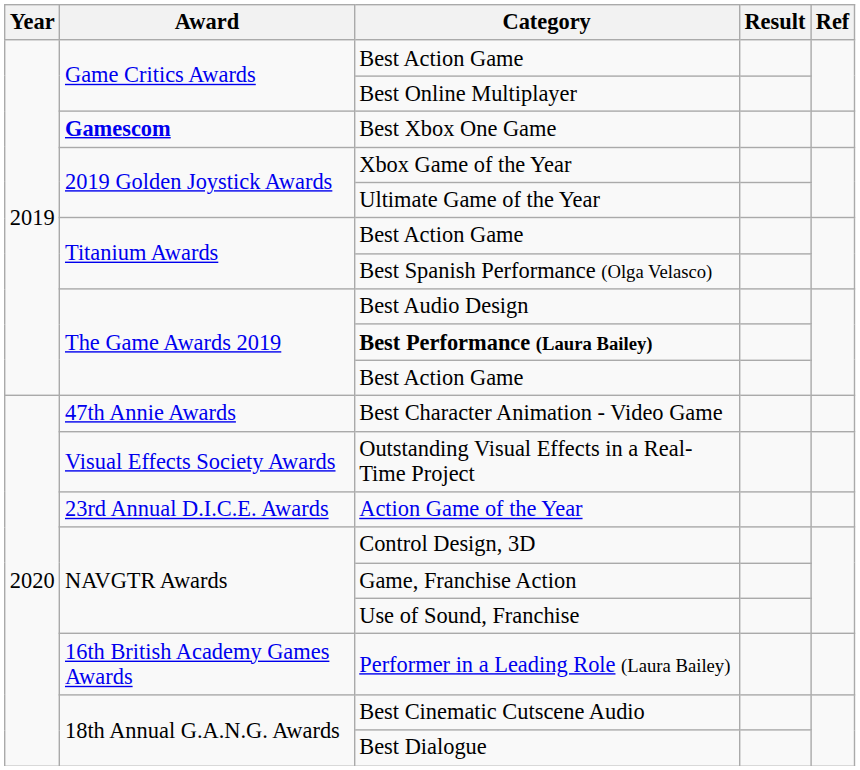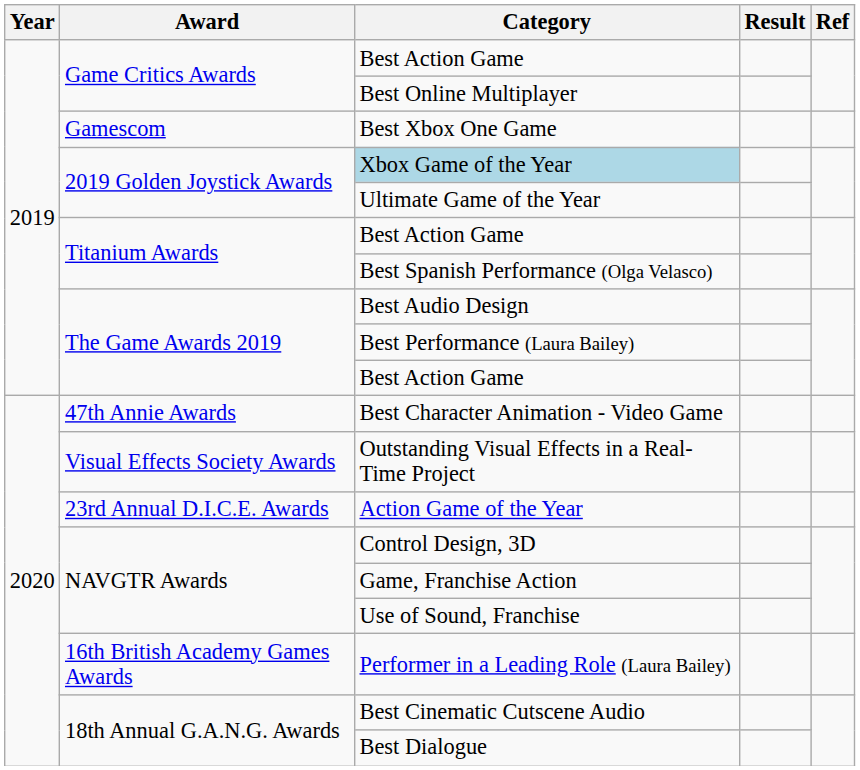 <table class="wikitable sortable">
 <tr>
 <th>Year</th>
 <th>Award</th>
 <th>Category</th>
 <th>Result</th>
 <th>Ref</th>
 </tr>
 <tr>
 <td style="text-align:center;" rowspan="10">2019</td>
 <td rowspan="2"><a href='#'>Game Critics Awards</a></td>
 <td>Best Action Game</td>
 <td></td>
 <td rowspan="2" style="text-align:center;"></td>
 </tr>
 <tr>
 <td>Best Online Multiplayer</td>
 <td></td>
 </tr>
 <tr>
-<td><strong><a href='#'>Gamescom</a></strong></td>
+<td><a href='#'>Gamescom</a></td>
 <td>Best Xbox One Game</td>
 <td></td>
 <td style="text-align:center;"></td>
 </tr>
 <tr>
 <td rowspan="2"><a href='#'>2019 Golden Joystick Awards</a></td>
-<td>Xbox Game of the Year</td>
+<td style="background: lightblue;">Xbox Game of the Year</td>
 <td></td>
 <td rowspan="2" style="text-align:center;"></td>
 </tr>
 <tr>
 <td>Ultimate Game of the Year</td>
 <td></td>
 </tr>
 <tr>
 <td rowspan="2"><a href='#'>Titanium Awards</a></td>
 <td>Best Action Game</td>
 <td></td>
 <td rowspan="2" style="text-align:center;"></td>
 </tr>
 <tr>
 <td>Best Spanish Performance <small>(Olga Velasco)</small></td>
 <td></td>
 </tr>
 <tr>
 <td rowspan="3"><a href='#'>The Game Awards 2019</a></td>
 <td>Best Audio Design</td>
 <td></td>
 <td rowspan="3" style="text-align:center;"></td>
 </tr>
 <tr>
-<td><strong>Best Performance <small>(Laura Bailey)</small></strong></td>
+<td>Best Performance <small>(Laura Bailey)</small></td>
 <td></td>
 </tr>
 <tr>
 <td>Best Action Game</td>
 <td></td>
 </tr>
 <tr>
 <td style="text-align:center;" rowspan="9">2020</td>
 <td><a href='#'>47th Annie Awards</a></td>
 <td>Best Character Animation - Video Game</td>
 <td></td>
 <td style="text-align:center;"></td>
 </tr>
 <tr>
 <td><a href='#'>Visual Effects Society Awards</a></td>
 <td>Outstanding Visual Effects in a Real-Time Project</td>
 <td></td>
 <td style="text-align:center;"></td>
 </tr>
 <tr>
 <td><a href='#'>23rd Annual D.I.C.E. Awards</a></td>
 <td><a href='#'>Action Game of the Year</a></td>
 <td></td>
 <td style="text-align:center;"></td>
 </tr>
 <tr>
 <td rowspan="3">NAVGTR Awards</td>
 <td>Control Design, 3D</td>
 <td></td>
 <td rowspan="3" style="text-align:center;"></td>
 </tr>
 <tr>
 <td>Game, Franchise Action</td>
 <td></td>
 </tr>
 <tr>
 <td>Use of Sound, Franchise</td>
 <td></td>
 </tr>
 <tr>
 <td><a href='#'>16th British Academy Games Awards</a></td>
 <td><a href='#'>Performer in a Leading Role</a> <small>(Laura Bailey)</small></td>
 <td></td>
 <td style="text-align:center;"></td>
 </tr>
 <tr>
 <td rowspan="2">18th Annual G.A.N.G. Awards</td>
 <td>Best Cinematic Cutscene Audio</td>
 <td></td>
 <td rowspan="2" style="text-align:center;"></td>
 </tr>
 <tr>
 <td>Best Dialogue</td>
 <td></td>
 </tr>
 </table>
